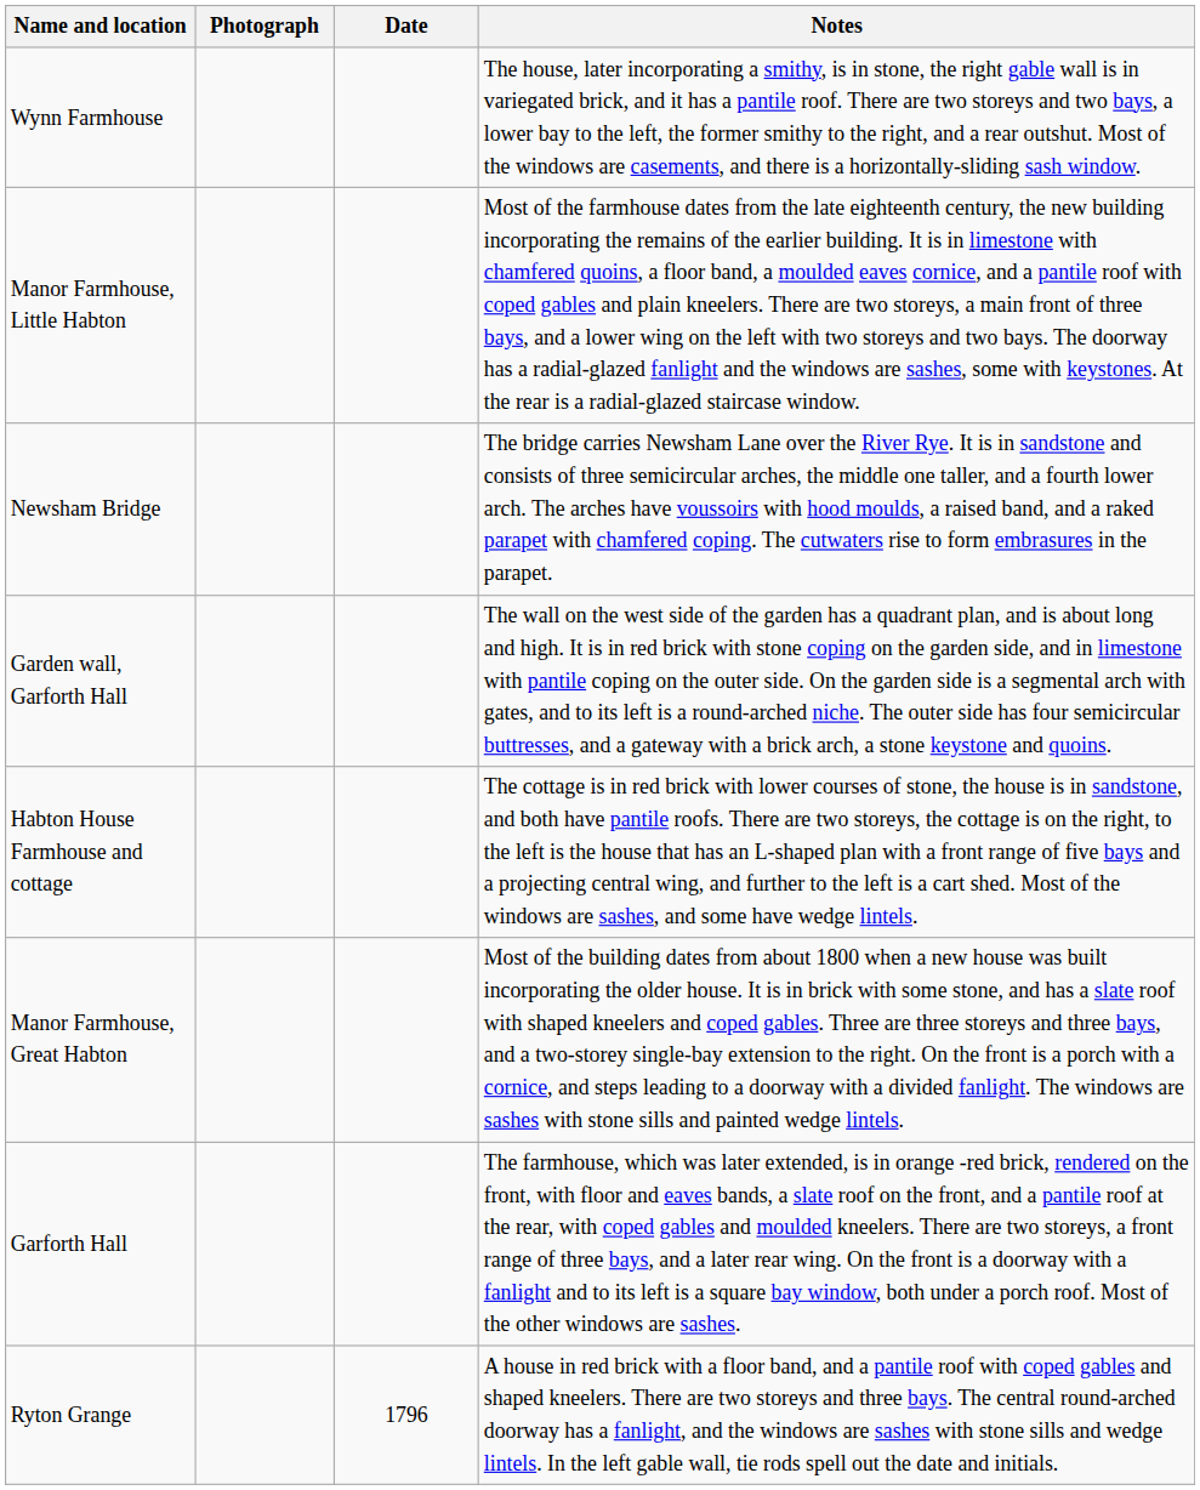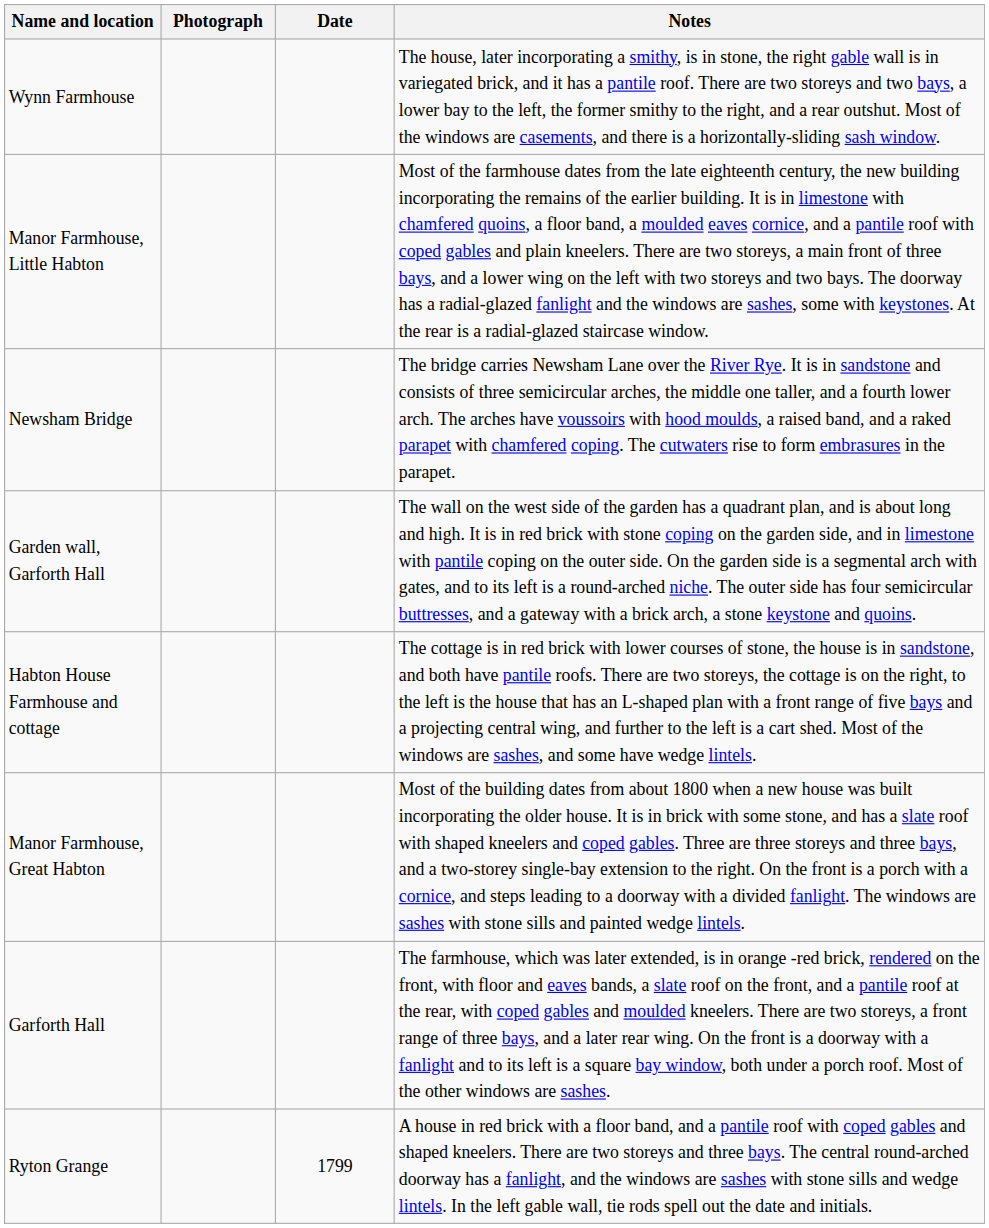 <table class="wikitable sortable plainrowheaders" style="width:100%;border:0px;text-align:left;line-height:150%;">
 <tr>
 <th scope="col"  style="width:150px">Name and location</th>
 <th scope="col"  style="width:100px" class="unsortable">Photograph</th>
 <th scope="col"  style="width:120px">Date</th>
 <th scope="col"  style="width:650px" class="unsortable">Notes</th>
 </tr>
 <tr>
 <td>Wynn Farmhouse<br><small></small></td>
 <td></td>
 <td align="center"></td>
 <td>The house, later incorporating a <a href='#'>smithy</a>, is in stone, the right <a href='#'>gable</a> wall is in variegated brick, and it has a <a href='#'>pantile</a> roof.  There are two storeys and two <a href='#'>bays</a>, a lower bay to the left, the former smithy to the right, and a rear outshut.  Most of the windows are <a href='#'>casements</a>, and there is a horizontally-sliding <a href='#'>sash window</a>.</td>
 </tr>
 <tr>
 <td>Manor Farmhouse, Little Habton<br><small></small></td>
 <td></td>
 <td align="center"></td>
 <td>Most of the farmhouse dates from the late eighteenth century, the new building incorporating the remains of the earlier building.  It is in <a href='#'>limestone</a> with <a href='#'>chamfered</a> <a href='#'>quoins</a>, a floor band, a <a href='#'>moulded</a> <a href='#'>eaves</a> <a href='#'>cornice</a>, and a <a href='#'>pantile</a> roof with <a href='#'>coped</a> <a href='#'>gables</a> and plain kneelers.  There are two storeys, a main front of three <a href='#'>bays</a>, and a lower wing on the left with two storeys and two bays.  The doorway has a radial-glazed <a href='#'>fanlight</a> and the windows are <a href='#'>sashes</a>, some with <a href='#'>keystones</a>.  At the rear is a radial-glazed staircase window.</td>
 </tr>
 <tr>
 <td>Newsham Bridge<br><small></small></td>
 <td></td>
 <td align="center"></td>
 <td>The bridge carries Newsham Lane over the <a href='#'>River Rye</a>.  It is in <a href='#'>sandstone</a> and consists of three semicircular arches, the middle one taller, and a fourth lower arch.  The arches have <a href='#'>voussoirs</a> with <a href='#'>hood moulds</a>, a raised band, and a raked <a href='#'>parapet</a> with <a href='#'>chamfered</a> <a href='#'>coping</a>.  The <a href='#'>cutwaters</a> rise to form <a href='#'>embrasures</a> in the parapet.</td>
 </tr>
 <tr>
 <td>Garden wall, Garforth Hall<br><small></small></td>
 <td></td>
 <td align="center"></td>
 <td>The wall on the west side of the garden has a quadrant plan, and is about  long and  high.  It is in red brick with stone <a href='#'>coping</a> on the garden side, and in <a href='#'>limestone</a> with <a href='#'>pantile</a> coping on the outer side.  On the garden side is a segmental arch with gates, and to its left is a round-arched <a href='#'>niche</a>.  The outer side has four semicircular <a href='#'>buttresses</a>, and a gateway with a brick arch, a stone <a href='#'>keystone</a> and <a href='#'>quoins</a>.</td>
 </tr>
 <tr>
 <td>Habton House Farmhouse and cottage<br><small></small></td>
 <td></td>
 <td align="center"></td>
 <td>The cottage is in red brick with lower courses of stone, the house is in <a href='#'>sandstone</a>, and both have <a href='#'>pantile</a> roofs.  There are two storeys, the cottage is on the right, to the left is the house that has an L-shaped plan with a front range of five <a href='#'>bays</a> and a projecting central wing, and further to the left is a cart shed.  Most of the windows are <a href='#'>sashes</a>, and some have wedge <a href='#'>lintels</a>.</td>
 </tr>
 <tr>
 <td>Manor Farmhouse, Great Habton<br><small></small></td>
 <td></td>
 <td align="center"></td>
 <td>Most of the building dates from about 1800 when a new house was built incorporating the older house.  It is in brick with some stone, and has a <a href='#'>slate</a> roof with shaped kneelers and <a href='#'>coped</a> <a href='#'>gables</a>.  Three are three storeys and three <a href='#'>bays</a>, and a two-storey single-bay extension to the right.  On the front is a porch with a <a href='#'>cornice</a>, and steps leading to a doorway with a divided <a href='#'>fanlight</a>.  The windows are <a href='#'>sashes</a> with stone sills and painted wedge <a href='#'>lintels</a>.</td>
 </tr>
 <tr>
 <td>Garforth Hall<br><small></small></td>
 <td></td>
 <td align="center"></td>
 <td>The farmhouse, which was later extended, is in orange -red brick, <a href='#'>rendered</a> on the front, with floor and <a href='#'>eaves</a> bands, a <a href='#'>slate</a> roof on the front, and a <a href='#'>pantile</a> roof at the rear, with <a href='#'>coped</a> <a href='#'>gables</a> and <a href='#'>moulded</a> kneelers.  There are two storeys, a front range of three <a href='#'>bays</a>, and a later rear wing.  On the front is a doorway with a <a href='#'>fanlight</a> and to its left is a square <a href='#'>bay window</a>, both under a porch roof.  Most of the other windows are <a href='#'>sashes</a>.</td>
 </tr>
 <tr>
 <td>Ryton Grange<br><small></small></td>
 <td></td>
-<td align="center">1796</td>
+<td align="center">1799</td>
 <td>A house in red brick with a floor band, and a <a href='#'>pantile</a> roof with <a href='#'>coped</a> <a href='#'>gables</a> and shaped kneelers.  There are two storeys and three <a href='#'>bays</a>.  The central round-arched doorway has a <a href='#'>fanlight</a>, and the windows are <a href='#'>sashes</a> with stone sills and wedge <a href='#'>lintels</a>.  In the left gable wall, tie rods spell out the date and initials.</td>
 </tr>
 <tr>
 </tr>
 </table>
